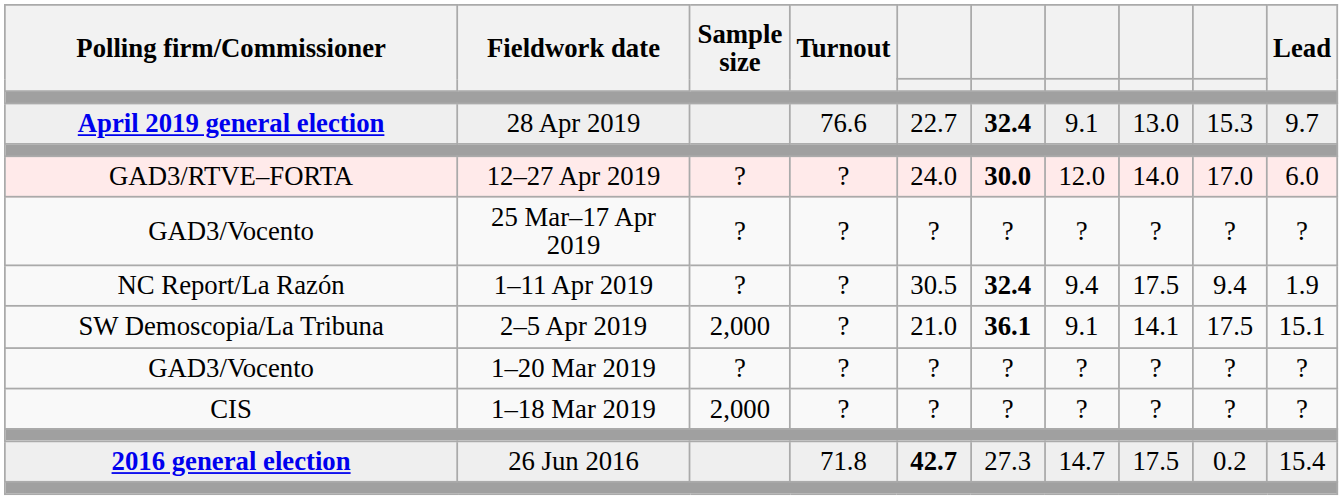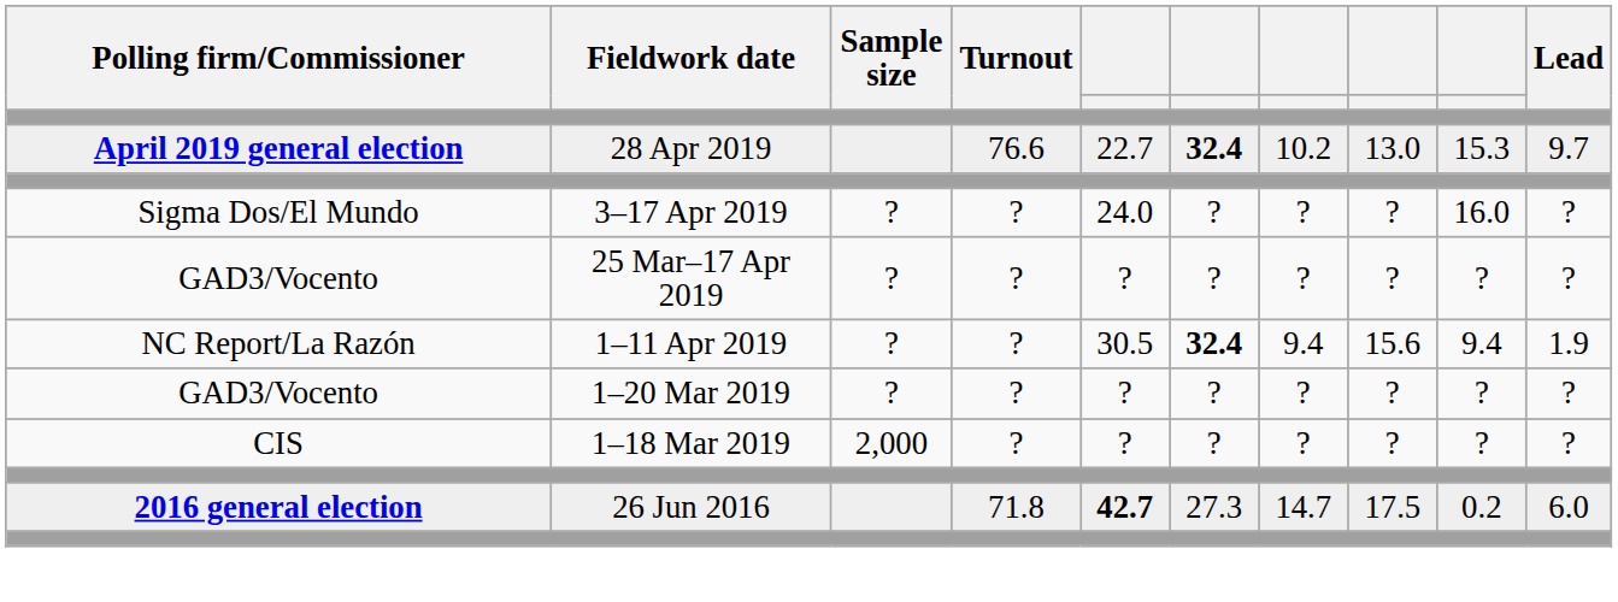 <table class="wikitable collapsible collapsed" style="text-align:center; font-size:95%; line-height:16px;">
 <tr style="height:42px;">
 <th style="width:250px;" rowspan="2">Polling firm/Commissioner</th>
 <th style="width:125px;" rowspan="2">Fieldwork date</th>
 <th style="width:50px;" rowspan="2">Sample size</th>
 <th style="width:45px;" rowspan="2">Turnout</th>
 <th style="width:35px;"></th>
 <th style="width:35px;"></th>
 <th style="width:35px;"></th>
 <th style="width:35px;"></th>
 <th style="width:35px;"></th>
 <th style="width:30px;" rowspan="2">Lead</th>
 </tr>
 <tr>
 <th style="color:inherit;background:"></th>
 <th style="color:inherit;background:"></th>
 <th style="color:inherit;background:"></th>
 <th style="color:inherit;background:"></th>
 <th style="color:inherit;background:"></th>
 </tr>
 <tr>
 <td colspan="10" style="background:#A0A0A0"></td>
 </tr>
 <tr style="background:#EFEFEF;">
 <td><strong><a href='#'>April 2019 general election</a></strong></td>
 <td>28 Apr 2019</td>
 <td></td>
 <td>76.6</td>
 <td>22.7<br></td>
 <td><strong>32.4</strong><br></td>
-<td>9.1<br></td>
+<td>10.2<br></td>
 <td>13.0<br></td>
 <td>15.3<br></td>
 <td style="background:">9.7</td>
 </tr>
 <tr>
 <td colspan="10" style="background:#A0A0A0"></td>
 </tr>
-<tr style="background:#FFEAEA;">
-<td>GAD3/RTVE–FORTA</td>
-<td>12–27 Apr 2019</td>
+<tr>
+<td>Sigma Dos/El Mundo</td>
+<td>3–17 Apr 2019</td>
 <td>?</td>
 <td>?</td>
 <td>24.0<br></td>
-<td><strong>30.0</strong><br></td>
-<td>12.0<br></td>
-<td>14.0<br></td>
-<td>17.0<br></td>
-<td style="background:">6.0</td>
+<td>?<br></td>
+<td>?<br></td>
+<td>?<br></td>
+<td>16.0<br></td>
+<td style="background:">?</td>
 </tr>
 <tr>
 <td>GAD3/Vocento</td>
 <td>25 Mar–17 Apr 2019</td>
 <td>?</td>
 <td>?</td>
 <td>?<br></td>
 <td>?<br></td>
 <td>?<br></td>
 <td>?<br></td>
 <td>?<br></td>
 <td style="background:">?</td>
 </tr>
 <tr>
 <td>NC Report/La Razón</td>
 <td>1–11 Apr 2019</td>
 <td>?</td>
 <td>?</td>
 <td>30.5<br></td>
 <td><strong>32.4</strong><br></td>
 <td>9.4<br></td>
-<td>17.5<br></td>
+<td>15.6<br></td>
 <td>9.4<br></td>
 <td style="background:">1.9</td>
-</tr>
-<tr>
-<td>SW Demoscopia/La Tribuna</td>
-<td>2–5 Apr 2019</td>
-<td>2,000</td>
-<td>?</td>
-<td>21.0<br></td>
-<td><strong>36.1</strong><br></td>
-<td>9.1<br></td>
-<td>14.1<br></td>
-<td>17.5<br></td>
-<td style="background:">15.1</td>
 </tr>
 <tr>
 <td>GAD3/Vocento</td>
 <td>1–20 Mar 2019</td>
 <td>?</td>
 <td>?</td>
 <td>?<br></td>
 <td>?<br></td>
 <td>?<br></td>
 <td>?<br></td>
 <td>?<br></td>
 <td style="background:">?</td>
 </tr>
 <tr>
 <td>CIS</td>
 <td>1–18 Mar 2019</td>
 <td>2,000</td>
 <td>?</td>
 <td>?<br></td>
 <td>?<br></td>
 <td>?<br></td>
 <td>?<br></td>
 <td>?<br></td>
 <td style="background:">?</td>
 </tr>
 <tr>
 <td colspan="10" style="background:#A0A0A0"></td>
 </tr>
 <tr style="background:#EFEFEF;">
 <td><strong><a href='#'>2016 general election</a></strong></td>
 <td>26 Jun 2016</td>
 <td></td>
 <td>71.8</td>
 <td><strong>42.7</strong><br></td>
 <td>27.3<br></td>
 <td>14.7<br></td>
 <td>17.5<br></td>
 <td>0.2<br></td>
-<td style="background:">15.4</td>
+<td style="background:">6.0</td>
 </tr>
 <tr>
 <td colspan="10" style="background:#A0A0A0"></td>
 </tr>
 </table>
